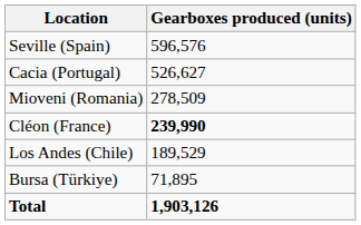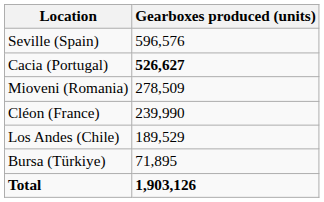 <table class="wikitable">
 <tr>
 <th>Location</th>
 <th>Gearboxes produced (units)</th>
 </tr>
 <tr>
 <td>Seville (Spain)</td>
 <td>596,576</td>
 </tr>
 <tr>
 <td>Cacia (Portugal)</td>
-<td>526,627</td>
+<td><strong>526,627</strong></td>
 </tr>
 <tr>
 <td>Mioveni (Romania)</td>
 <td>278,509</td>
 </tr>
 <tr>
 <td>Cléon (France)</td>
-<td><strong>239,990</strong></td>
+<td>239,990</td>
 </tr>
 <tr>
 <td>Los Andes (Chile)</td>
 <td>189,529</td>
 </tr>
 <tr>
 <td>Bursa (Türkiye)</td>
 <td>71,895</td>
 </tr>
 <tr>
 <td><strong>Total</strong></td>
 <td><strong>1,903,126</strong></td>
 </tr>
 </table>
